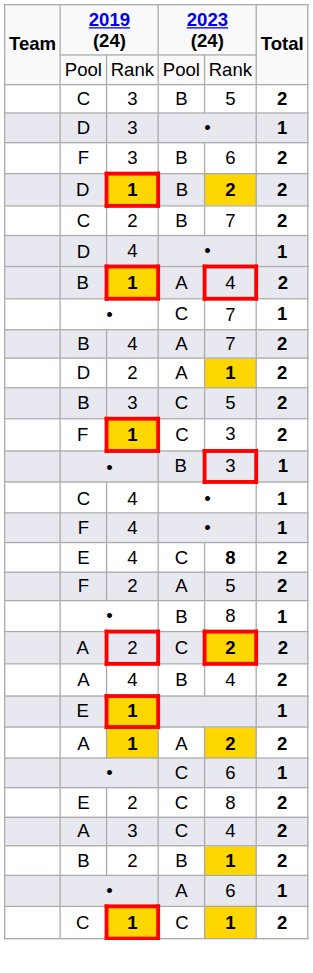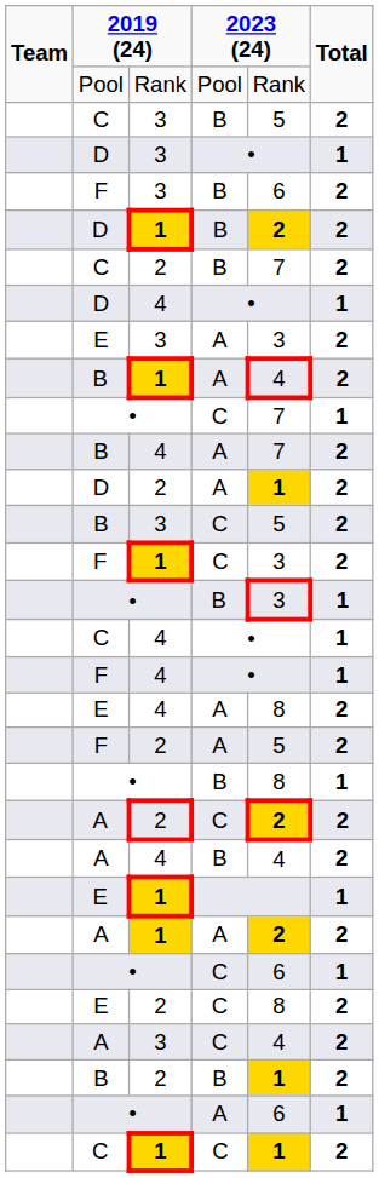 <table class="wikitable" style="text-align:center; font-size:90%">
 <tr>
 <td rowspan=2><strong>Team</strong></td>
 <td colspan=2><strong><a href='#'>2019</a></strong><br><strong>(24)</strong></td>
 <td colspan=2><strong><a href='#'>2023</a></strong><br><strong>(24)</strong></td>
 <td rowspan=2><strong>Total</strong></td>
 </tr>
 <tr>
 <td>Pool</td>
 <td>Rank</td>
 <td>Pool</td>
 <td>Rank</td>
 </tr>
 <tr bgcolor=#FFFFFF>
 <td align=left></td>
 <td>C</td>
 <td>3</td>
 <td>B</td>
 <td>5</td>
 <td><strong>2</strong></td>
 </tr>
 <tr bgcolor=#E8E8F0>
 <td align=left></td>
 <td>D</td>
 <td>3</td>
 <td colspan=2>•</td>
 <td><strong>1</strong></td>
 </tr>
 <tr bgcolor=#FFFFFF>
 <td align=left></td>
 <td>F</td>
 <td>3</td>
 <td>B</td>
 <td>6</td>
 <td><strong>2</strong></td>
 </tr>
 <tr bgcolor=#E8E8F0>
 <td align=left></td>
 <td>D</td>
 <td style="border:3px solid red;" bgcolor=gold><strong>1</strong></td>
 <td>B</td>
 <td style="background-color:gold"><strong>2</strong></td>
 <td><strong>2</strong></td>
 </tr>
 <tr bgcolor=#FFFFFF>
 <td align=left></td>
 <td>C</td>
 <td>2</td>
 <td>B</td>
 <td>7</td>
 <td><strong>2</strong></td>
 </tr>
 <tr bgcolor=#E8E8F0>
 <td align=left></td>
 <td>D</td>
 <td>4</td>
 <td colspan=2>•</td>
 <td><strong>1</strong></td>
+</tr>
+<tr bgcolor=#FFFFFF>
+<td align=left></td>
+<td>E</td>
+<td>3</td>
+<td>A</td>
+<td>3</td>
+<td><strong>2</strong></td>
 </tr>
 <tr bgcolor=#E8E8F0>
 <td align=left></td>
 <td>B</td>
 <td style="border:3px solid red" bgcolor=gold><strong>1</strong></td>
 <td>A</td>
 <td style="border:3px solid red">4</td>
 <td><strong>2</strong></td>
 </tr>
 <tr bgcolor=#FFFFFF>
 <td align=left></td>
 <td colspan=2>•</td>
 <td>C</td>
 <td>7</td>
 <td><strong>1</strong></td>
 </tr>
 <tr bgcolor=#E8E8F0>
 <td align=left></td>
 <td>B</td>
 <td>4</td>
 <td>A</td>
 <td>7</td>
 <td><strong>2</strong></td>
 </tr>
 <tr bgcolor=#FFFFFF>
 <td align=left></td>
 <td>D</td>
 <td>2</td>
 <td>A</td>
 <td style="background-color:gold"><strong>1</strong></td>
 <td><strong>2</strong></td>
 </tr>
 <tr bgcolor=#E8E8F0>
 <td align=left></td>
 <td>B</td>
 <td>3</td>
 <td>C</td>
 <td>5</td>
 <td><strong>2</strong></td>
 </tr>
 <tr bgcolor=#FFFFFF>
 <td align=left></td>
 <td>F</td>
 <td style="border:3px solid red" bgcolor=gold><strong>1</strong></td>
 <td>C</td>
 <td>3</td>
 <td><strong>2</strong></td>
 </tr>
 <tr bgcolor=#E8E8F0>
 <td align=left></td>
 <td colspan=2>•</td>
 <td>B</td>
 <td style="border:3px solid red">3</td>
 <td><strong>1</strong></td>
 </tr>
 <tr bgcolor=#FFFFFF>
 <td align=left></td>
 <td>C</td>
 <td>4</td>
 <td colspan=2>•</td>
 <td><strong>1</strong></td>
 </tr>
 <tr bgcolor=#E8E8F0>
 <td align=left></td>
 <td>F</td>
 <td>4</td>
 <td colspan=2>•</td>
 <td><strong>1</strong></td>
 </tr>
 <tr bgcolor=#FFFFFF>
 <td align=left></td>
 <td>E</td>
 <td>4</td>
-<td>C</td>
-<td><strong>8</strong></td>
+<td>A</td>
+<td>8</td>
 <td><strong>2</strong></td>
 </tr>
 <tr bgcolor=#E8E8F0>
 <td align=left></td>
 <td>F</td>
 <td>2</td>
 <td>A</td>
 <td>5</td>
 <td><strong>2</strong></td>
 </tr>
 <tr bgcolor=#FFFFFF>
 <td align=left></td>
 <td colspan=2>•</td>
 <td>B</td>
 <td>8</td>
 <td><strong>1</strong></td>
 </tr>
 <tr bgcolor=#E8E8F0>
 <td align=left></td>
 <td>A</td>
 <td style="border:3px solid red">2</td>
 <td>C</td>
 <td style="border:3px solid red;background-color:gold"><strong>2</strong></td>
 <td><strong>2</strong></td>
 </tr>
 <tr bgcolor=#FFFFFF>
 <td align=left></td>
 <td>A</td>
 <td>4</td>
 <td>B</td>
 <td>4</td>
 <td><strong>2</strong></td>
 </tr>
 <tr bgcolor=#E8E8F0>
 <td align=left></td>
 <td>E</td>
 <td style="border:3px solid red" bgcolor=gold><strong>1</strong></td>
 <td colspan=2></td>
 <td><strong>1</strong></td>
 </tr>
 <tr bgcolor=#FFFFFF>
 <td align=left></td>
 <td>A</td>
 <td bgcolor=gold><strong>1</strong></td>
 <td>A</td>
 <td style="background-color:gold"><strong>2</strong></td>
 <td><strong>2</strong></td>
 </tr>
 <tr bgcolor=#E8E8F0>
 <td align=left></td>
 <td colspan=2>•</td>
 <td>C</td>
 <td>6</td>
 <td><strong>1</strong></td>
 </tr>
 <tr bgcolor=#FFFFFF>
 <td align=left></td>
 <td>E</td>
 <td>2</td>
 <td>C</td>
 <td>8</td>
 <td><strong>2</strong></td>
 </tr>
 <tr bgcolor= #E8E8F0>
 <td align=left></td>
 <td>A</td>
 <td>3</td>
 <td>C</td>
 <td>4</td>
 <td><strong>2</strong></td>
 </tr>
 <tr bgcolor=#FFFFFF>
 <td align=left></td>
 <td>B</td>
 <td>2</td>
 <td>B</td>
 <td style="background-color:gold"><strong>1</strong></td>
 <td><strong>2</strong></td>
 </tr>
 <tr bgcolor=#E8E8F0>
 <td align=left></td>
 <td colspan=2>•</td>
 <td>A</td>
 <td>6</td>
 <td><strong>1</strong></td>
 </tr>
 <tr bgcolor=#FFFFFF>
 <td align=left></td>
 <td>C</td>
 <td style="border:3px solid red" bgcolor=gold><strong>1</strong></td>
 <td>C</td>
 <td style="background-color:gold"><strong>1</strong></td>
 <td><strong>2</strong></td>
 </tr>
 </table>
